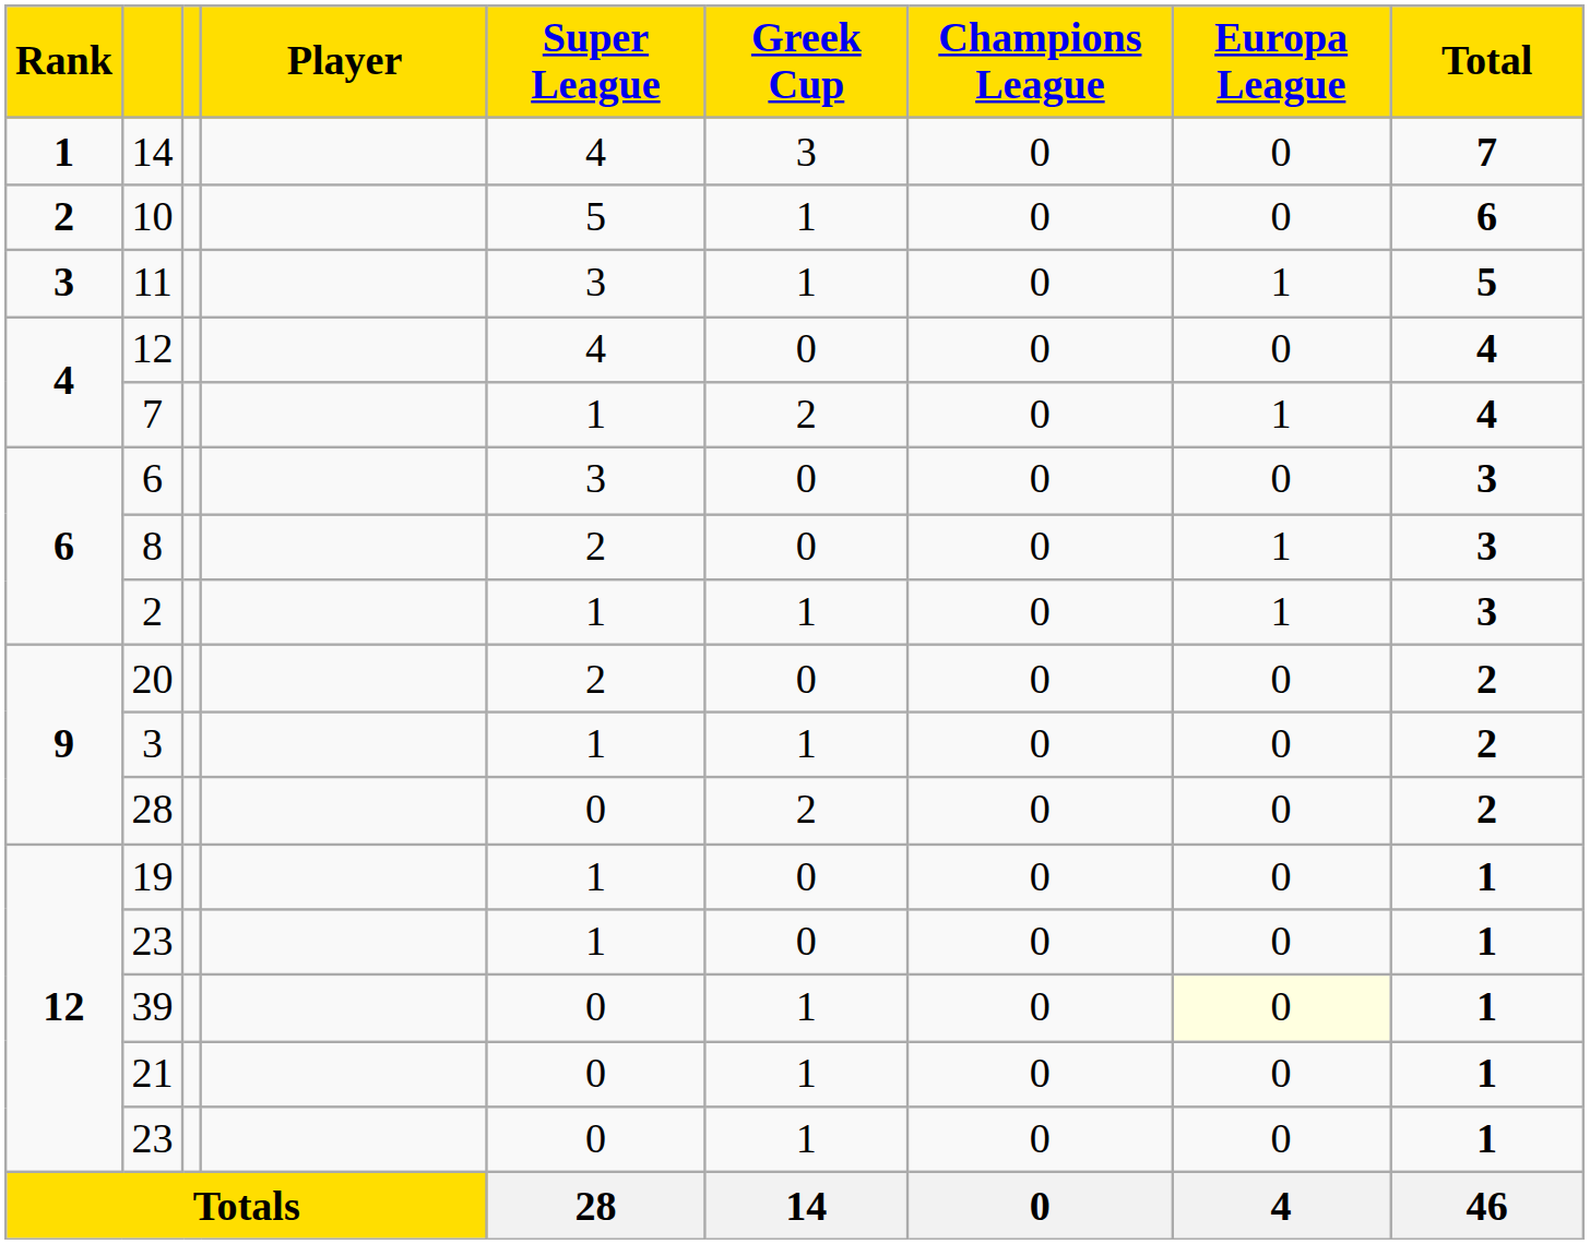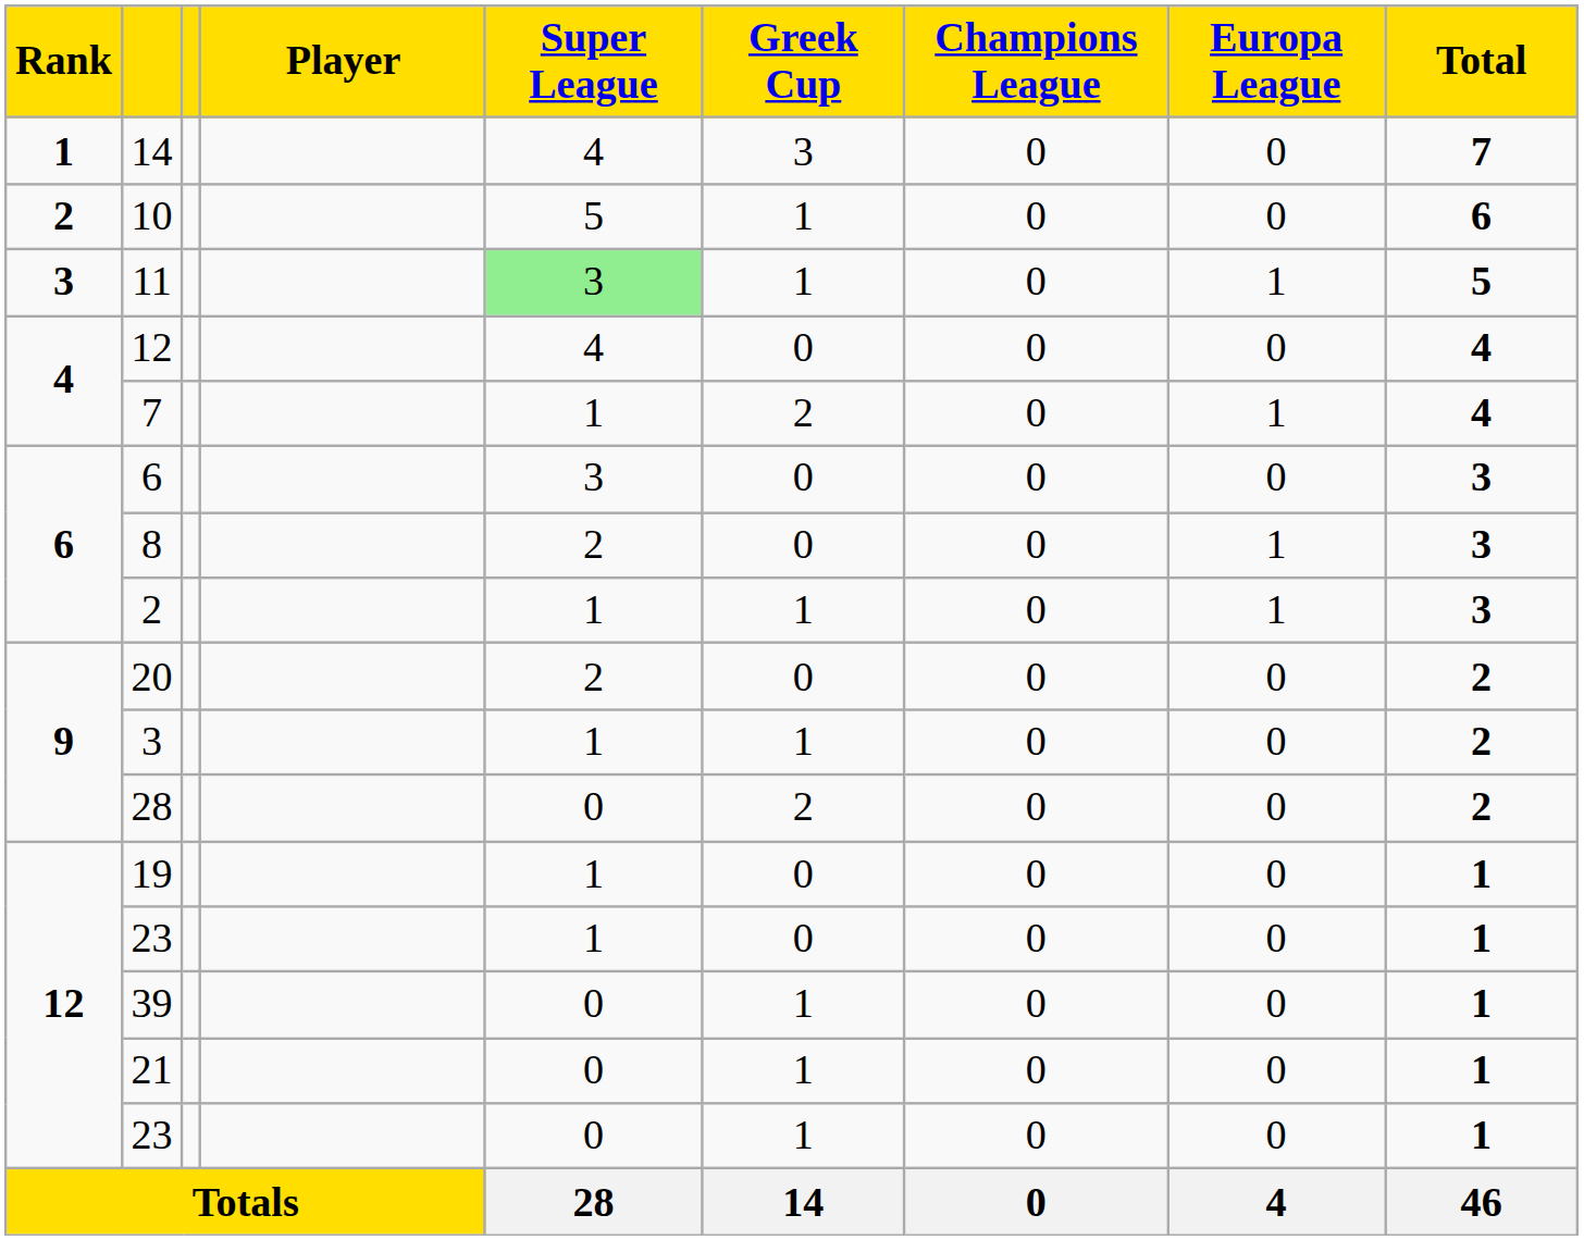 <table class="wikitable sortable" style="text-align:center">
 <tr>
 <th style="background:#FFDE00">Rank</th>
 <th style="background:#FFDE00"></th>
 <th style="background:#FFDE00"></th>
 <th width=200 style="background:#FFDE00">Player</th>
 <th width=120 style="background:#FFDE00"><a href='#'>Super League</a></th>
 <th width=120 style="background:#FFDE00"><a href='#'>Greek Cup</a></th>
 <th width=120 style="background:#FFDE00"><a href='#'>Champions League</a></th>
 <th width=120 style="background:#FFDE00"><a href='#'>Europa League</a></th>
 <th width=120 style="background:#FFDE00">Total</th>
 </tr>
 <tr>
 <td><strong>1</strong></td>
 <td>14</td>
 <td></td>
 <td align=left></td>
 <td>4</td>
 <td>3</td>
 <td>0</td>
 <td>0</td>
 <td><strong>7</strong></td>
 </tr>
 <tr>
 <td><strong>2</strong></td>
 <td>10</td>
 <td></td>
 <td align=left></td>
 <td>5</td>
 <td>1</td>
 <td>0</td>
 <td>0</td>
 <td><strong>6</strong></td>
 </tr>
 <tr>
 <td><strong>3</strong></td>
 <td>11</td>
 <td></td>
 <td align=left></td>
-<td>3</td>
+<td style="background: lightgreen;">3</td>
 <td>1</td>
 <td>0</td>
 <td>1</td>
 <td><strong>5</strong></td>
 </tr>
 <tr>
 <td rowspan=2><strong>4</strong></td>
 <td>12</td>
 <td></td>
 <td align=left></td>
 <td>4</td>
 <td>0</td>
 <td>0</td>
 <td>0</td>
 <td><strong>4</strong></td>
 </tr>
 <tr>
 <td>7</td>
 <td></td>
 <td align=left></td>
 <td>1</td>
 <td>2</td>
 <td>0</td>
 <td>1</td>
 <td><strong>4</strong></td>
 </tr>
 <tr>
 <td rowspan=3><strong>6</strong></td>
 <td>6</td>
 <td></td>
 <td align=left></td>
 <td>3</td>
 <td>0</td>
 <td>0</td>
 <td>0</td>
 <td><strong>3</strong></td>
 </tr>
 <tr>
 <td>8</td>
 <td></td>
 <td align=left></td>
 <td>2</td>
 <td>0</td>
 <td>0</td>
 <td>1</td>
 <td><strong>3</strong></td>
 </tr>
 <tr>
 <td>2</td>
 <td></td>
 <td align=left></td>
 <td>1</td>
 <td>1</td>
 <td>0</td>
 <td>1</td>
 <td><strong>3</strong></td>
 </tr>
 <tr>
 <td rowspan=3><strong>9</strong></td>
 <td>20</td>
 <td></td>
 <td align=left></td>
 <td>2</td>
 <td>0</td>
 <td>0</td>
 <td>0</td>
 <td><strong>2</strong></td>
 </tr>
 <tr>
 <td>3</td>
 <td></td>
 <td align=left></td>
 <td>1</td>
 <td>1</td>
 <td>0</td>
 <td>0</td>
 <td><strong>2</strong></td>
 </tr>
 <tr>
 <td>28</td>
 <td></td>
 <td align=left></td>
 <td>0</td>
 <td>2</td>
 <td>0</td>
 <td>0</td>
 <td><strong>2</strong></td>
 </tr>
 <tr>
 <td rowspan=5><strong>12</strong></td>
 <td>19</td>
 <td></td>
 <td align=left></td>
 <td>1</td>
 <td>0</td>
 <td>0</td>
 <td>0</td>
 <td><strong>1</strong></td>
 </tr>
 <tr>
 <td>23</td>
 <td></td>
 <td align=left></td>
 <td>1</td>
 <td>0</td>
 <td>0</td>
 <td>0</td>
 <td><strong>1</strong></td>
 </tr>
 <tr>
 <td>39</td>
 <td></td>
 <td align=left></td>
 <td>0</td>
 <td>1</td>
 <td>0</td>
-<td style="background: lightyellow;">0</td>
+<td>0</td>
 <td><strong>1</strong></td>
 </tr>
 <tr>
 <td>21</td>
 <td></td>
 <td align=left></td>
 <td>0</td>
 <td>1</td>
 <td>0</td>
 <td>0</td>
 <td><strong>1</strong></td>
 </tr>
 <tr>
 <td>23</td>
 <td></td>
 <td align=left></td>
 <td>0</td>
 <td>1</td>
 <td>0</td>
 <td>0</td>
 <td><strong>1</strong></td>
 </tr>
 <tr class="sortbottom">
 <th colspan=4 style="background:#FFDE00"><strong>Totals</strong></th>
 <th><strong>28</strong></th>
 <th><strong>14</strong></th>
 <th><strong> 0</strong></th>
 <th><strong> 4</strong></th>
 <th><strong>46</strong></th>
 </tr>
 </table>
